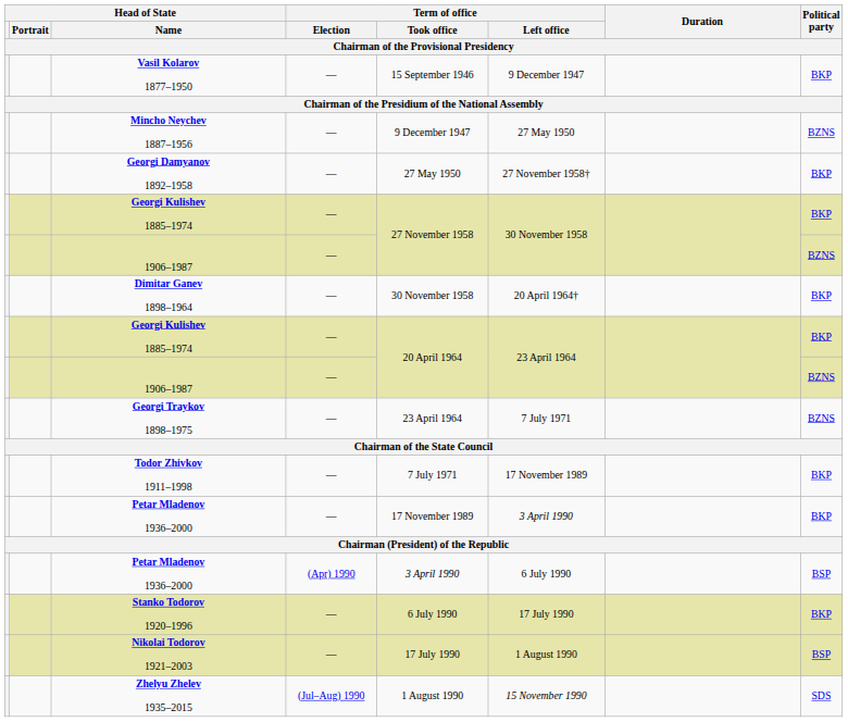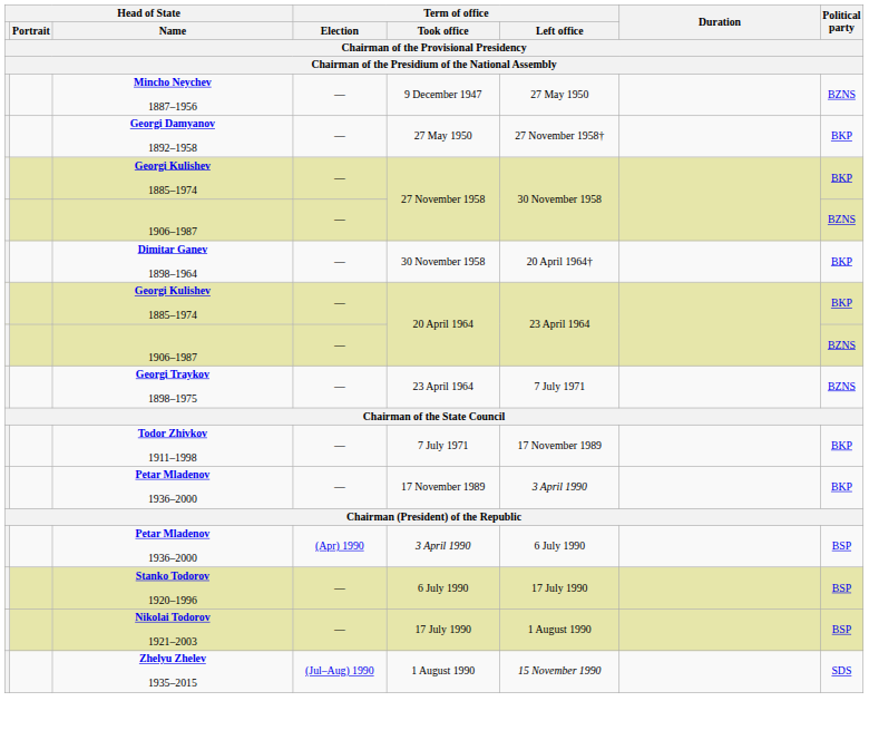 <table class="wikitable" style="text-align:center; width:100%">
 <tr>
 <th width=35% colspan=3>Head of State</th>
 <th width=40% colspan=3>Term of office</th>
 <th width=25% rowspan=2>Duration</th>
 <th width=25% rowspan=2>Political party</th>
 </tr>
 <tr>
 <th></th>
 <th>Portrait</th>
 <th width=30%>Name<br></th>
 <th>Election</th>
 <th>Took office</th>
 <th>Left office</th>
 </tr>
 <tr>
 <th colspan=8>Chairman of the Provisional Presidency</th>
-</tr>
-<tr>
-<th style="background:"></th>
-<td></td>
-<td><strong><a href='#'>Vasil Kolarov</a></strong><br><br>1877–1950<br></td>
-<td>—</td>
-<td>15 September 1946</td>
-<td>9 December 1947</td>
-<td></td>
-<td><a href='#'>BKP</a></td>
 </tr>
 <tr>
 <th colspan=8>Chairman of the Presidium of the National Assembly</th>
 </tr>
 <tr>
 <th style="background:"></th>
 <td></td>
 <td><strong><a href='#'>Mincho Neychev</a></strong><br><br>1887–1956<br></td>
 <td>—</td>
 <td>9 December 1947</td>
 <td>27 May 1950</td>
 <td></td>
 <td><a href='#'>BZNS</a></td>
 </tr>
 <tr>
 <th style="background:"></th>
 <td></td>
 <td><strong><a href='#'>Georgi Damyanov</a></strong><br><br>1892–1958<br></td>
 <td>—</td>
 <td>27 May 1950</td>
 <td>27 November 1958†</td>
 <td></td>
 <td><a href='#'>BKP</a></td>
 </tr>
 <tr style="background:#e6e6aa;">
 <th style="background:"></th>
 <td></td>
 <td><strong><a href='#'>Georgi Kulishev</a></strong><br><br>1885–1974<br></td>
 <td>—</td>
 <td rowspan=2>27 November 1958</td>
 <td rowspan=2>30 November 1958</td>
 <td rowspan=2></td>
 <td><a href='#'>BKP</a></td>
 </tr>
 <tr style="background:#e6e6aa;">
 <th style="background:"></th>
 <td></td>
 <td><strong></strong><br><br>1906–1987<br></td>
 <td>—</td>
 <td><a href='#'>BZNS</a></td>
 </tr>
 <tr>
 <th style="background:"></th>
 <td></td>
 <td><strong><a href='#'>Dimitar Ganev</a></strong><br><br>1898–1964<br></td>
 <td>—</td>
 <td>30 November 1958</td>
 <td>20 April 1964†</td>
 <td></td>
 <td><a href='#'>BKP</a></td>
 </tr>
 <tr style="background:#e6e6aa;">
 <th style="background:"></th>
 <td></td>
 <td><strong><a href='#'>Georgi Kulishev</a></strong><br><br>1885–1974<br></td>
 <td>—</td>
 <td rowspan=2>20 April 1964</td>
 <td rowspan=2>23 April 1964</td>
 <td rowspan=2></td>
 <td><a href='#'>BKP</a></td>
 </tr>
 <tr style="background:#e6e6aa;">
 <th style="background:"></th>
 <td></td>
 <td><strong></strong><br><br>1906–1987<br></td>
 <td>—</td>
 <td><a href='#'>BZNS</a></td>
 </tr>
 <tr>
 <th style="background:"></th>
 <td></td>
 <td><strong><a href='#'>Georgi Traykov</a></strong><br><br>1898–1975<br></td>
 <td>—</td>
 <td>23 April 1964</td>
 <td>7 July 1971</td>
 <td></td>
 <td><a href='#'>BZNS</a></td>
 </tr>
 <tr>
 <th colspan=8>Chairman of the State Council</th>
 </tr>
 <tr>
 <th style="background:"></th>
 <td></td>
 <td><strong><a href='#'>Todor Zhivkov</a></strong><br><br>1911–1998<br></td>
 <td>—</td>
 <td>7 July 1971</td>
 <td>17 November 1989</td>
 <td></td>
 <td><a href='#'>BKP</a></td>
 </tr>
 <tr>
 <th style="background:"></th>
 <td></td>
 <td><strong><a href='#'>Petar Mladenov</a></strong><br><br>1936–2000<br></td>
 <td>—</td>
 <td>17 November 1989</td>
 <td><em>3 April 1990</em></td>
 <td></td>
 <td><a href='#'>BKP</a></td>
 </tr>
 <tr>
 <th colspan=8>Chairman (President) of the Republic</th>
 </tr>
 <tr>
 <th style="background:"></th>
 <td></td>
 <td><strong><a href='#'>Petar Mladenov</a></strong><br><br>1936–2000<br></td>
 <td><a href='#'>(Apr) 1990</a></td>
 <td><em>3 April 1990</em></td>
 <td>6 July 1990</td>
 <td></td>
 <td><a href='#'>BSP</a></td>
 </tr>
 <tr style="background:#e6e6aa;">
 <th style="background:"></th>
 <td></td>
 <td><strong><a href='#'>Stanko Todorov</a></strong><br><br>1920–1996<br></td>
 <td>—</td>
 <td>6 July 1990</td>
 <td>17 July 1990</td>
 <td></td>
-<td><a href='#'>BKP</a></td>
+<td><a href='#'>BSP</a></td>
 </tr>
 <tr style="background:#e6e6aa;">
 <th style="background:"></th>
 <td></td>
 <td><strong><a href='#'>Nikolai Todorov</a></strong><br><br>1921–2003<br></td>
 <td>—</td>
 <td>17 July 1990</td>
 <td>1 August 1990</td>
 <td></td>
 <td><a href='#'>BSP</a></td>
 </tr>
 <tr>
 <th style="background:"></th>
 <td></td>
 <td><strong><a href='#'>Zhelyu Zhelev</a></strong><br><br>1935–2015<br></td>
 <td><a href='#'>(Jul–Aug) 1990</a></td>
 <td>1 August 1990</td>
 <td><em>15 November 1990</em></td>
 <td></td>
 <td><a href='#'>SDS</a></td>
 </tr>
 </table>
